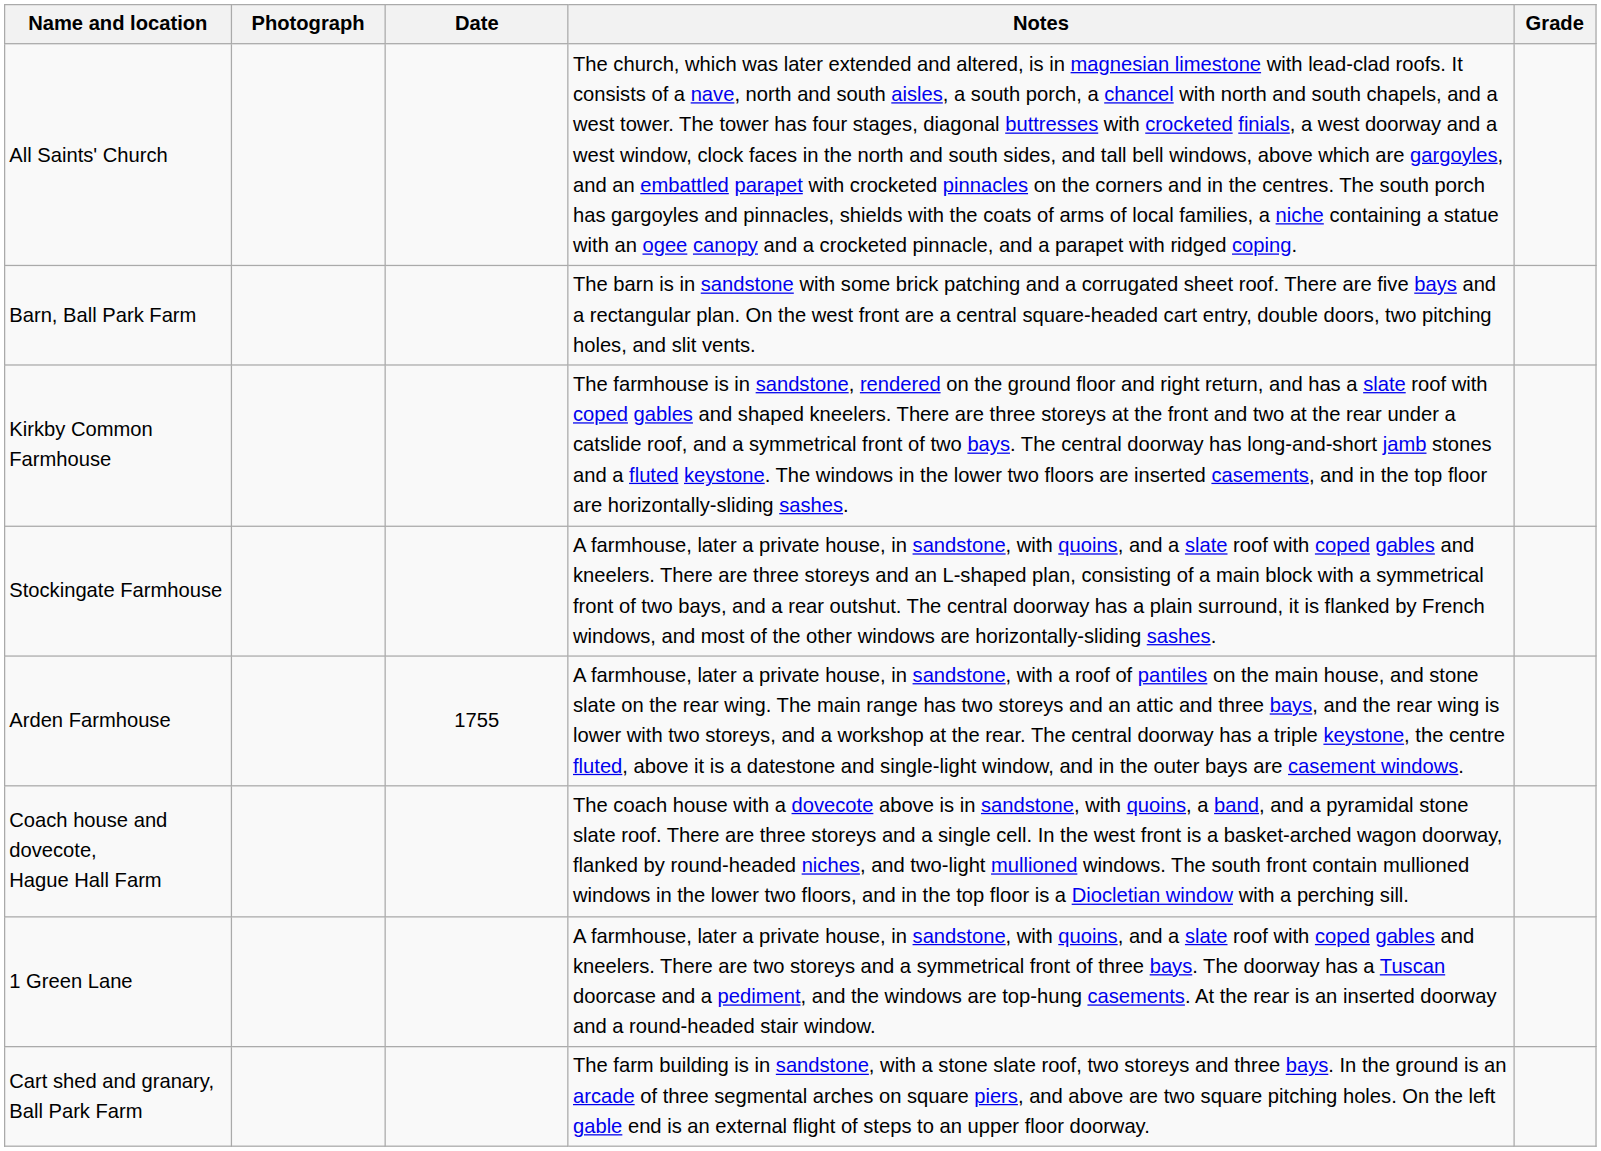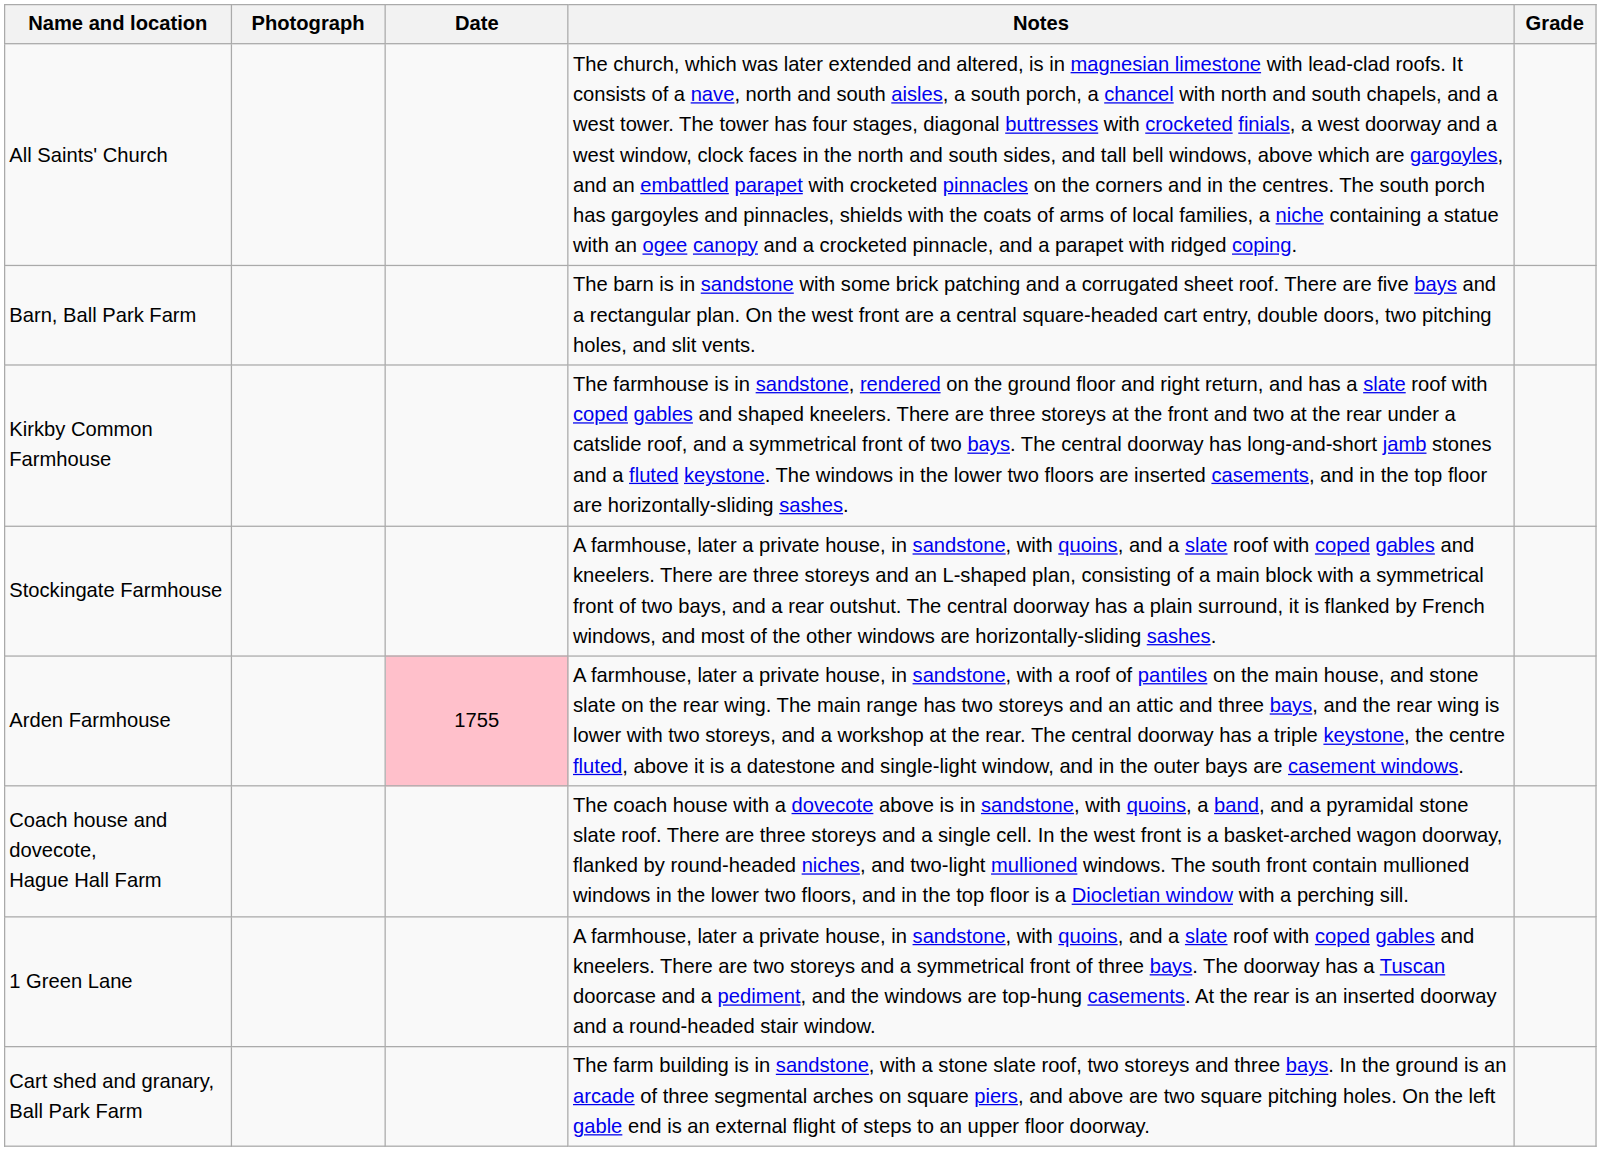 <table class="wikitable sortable plainrowheaders" style="width:100%; border:0; text-align:left; line-height:150%;">
 <tr>
 <th scope="col"  style="width:150px">Name and location</th>
 <th scope="col"  style="width:100px" class="unsortable">Photograph</th>
 <th scope="col"  style="width:120px">Date</th>
 <th scope="col"  style="width:650px" class="unsortable">Notes</th>
 <th scope="col"  style="width:50px">Grade</th>
 </tr>
 <tr>
 <td>All Saints' Church<br><small></small></td>
 <td></td>
 <td align="center"></td>
 <td>The church, which was later extended and altered, is in <a href='#'>magnesian limestone</a> with lead-clad roofs.  It consists of a <a href='#'>nave</a>, north and south <a href='#'>aisles</a>, a south porch, a <a href='#'>chancel</a> with north and south chapels, and a west tower.  The tower has four stages, diagonal <a href='#'>buttresses</a> with <a href='#'>crocketed</a> <a href='#'>finials</a>, a west doorway and a west window, clock faces in the north and south sides, and tall bell windows, above which are <a href='#'>gargoyles</a>, and an <a href='#'>embattled</a> <a href='#'>parapet</a> with crocketed <a href='#'>pinnacles</a> on the corners and in the centres.  The south porch has gargoyles and pinnacles, shields with the coats of arms of local families, a <a href='#'>niche</a> containing a statue with an <a href='#'>ogee</a> <a href='#'>canopy</a> and a crocketed pinnacle, and a parapet with ridged <a href='#'>coping</a>.</td>
 <td align="center" ></td>
 </tr>
 <tr>
 <td>Barn, Ball Park Farm<br><small></small></td>
 <td></td>
 <td align="center"></td>
 <td>The barn is in <a href='#'>sandstone</a> with some brick patching and a corrugated sheet roof.  There are five <a href='#'>bays</a> and a rectangular plan.  On the west front are a central square-headed cart entry, double doors, two pitching holes, and slit vents.</td>
 <td align="center" ></td>
 </tr>
 <tr>
 <td>Kirkby Common Farmhouse<br><small></small></td>
 <td></td>
 <td align="center"></td>
 <td>The farmhouse is in <a href='#'>sandstone</a>, <a href='#'>rendered</a> on the ground floor and right return, and has a <a href='#'>slate</a> roof with <a href='#'>coped</a> <a href='#'>gables</a> and shaped kneelers.  There are three storeys at the front and two at the rear under a catslide roof, and a symmetrical front of two <a href='#'>bays</a>.  The central doorway has long-and-short <a href='#'>jamb</a> stones and a <a href='#'>fluted</a> <a href='#'>keystone</a>.  The windows in the lower two floors are inserted <a href='#'>casements</a>, and in the top floor are horizontally-sliding <a href='#'>sashes</a>.</td>
 <td align="center" ></td>
 </tr>
 <tr>
 <td>Stockingate Farmhouse<br><small></small></td>
 <td></td>
 <td align="center"></td>
 <td>A farmhouse, later a private house, in <a href='#'>sandstone</a>, with <a href='#'>quoins</a>, and a <a href='#'>slate</a> roof with <a href='#'>coped</a> <a href='#'>gables</a> and kneelers.  There are three storeys and an L-shaped plan, consisting of a main block with a symmetrical front of two bays, and a rear outshut.  The central doorway has a plain surround, it is flanked by French windows, and most of the other windows are horizontally-sliding <a href='#'>sashes</a>.</td>
 <td align="center" ></td>
 </tr>
 <tr>
 <td>Arden Farmhouse<br><small></small></td>
 <td></td>
-<td align="center">1755</td>
+<td align="center" style="background: pink;">1755</td>
 <td>A farmhouse, later a private house, in <a href='#'>sandstone</a>, with a roof of <a href='#'>pantiles</a> on the main house, and stone slate on the rear wing.  The main range has two storeys and an attic and three <a href='#'>bays</a>, and the rear wing is lower with two storeys, and a workshop at the rear.  The central doorway has a triple <a href='#'>keystone</a>, the centre <a href='#'>fluted</a>, above it is a datestone and single-light window, and in the outer bays are <a href='#'>casement windows</a>.</td>
 <td align="center" ></td>
 </tr>
 <tr>
 <td>Coach house and dovecote,<br>Hague Hall Farm<br><small></small></td>
 <td></td>
 <td align="center"></td>
 <td>The coach house with a <a href='#'>dovecote</a> above is in <a href='#'>sandstone</a>, with <a href='#'>quoins</a>, a <a href='#'>band</a>, and a pyramidal stone slate roof.  There are three storeys and a single cell.  In the west front is a basket-arched wagon doorway, flanked by round-headed <a href='#'>niches</a>, and two-light <a href='#'>mullioned</a> windows.  The south front contain mullioned windows in the lower two floors, and in the top floor is a <a href='#'>Diocletian window</a> with a perching sill.</td>
 <td align="center" ></td>
 </tr>
 <tr>
 <td>1 Green Lane<br><small></small></td>
 <td></td>
 <td align="center"></td>
 <td>A farmhouse, later a private house, in <a href='#'>sandstone</a>, with <a href='#'>quoins</a>, and a <a href='#'>slate</a> roof with <a href='#'>coped</a> <a href='#'>gables</a> and kneelers.  There are two storeys and a symmetrical front of three <a href='#'>bays</a>.  The doorway has a <a href='#'>Tuscan</a> doorcase and a <a href='#'>pediment</a>, and the windows are top-hung <a href='#'>casements</a>.  At the rear is an inserted doorway and a round-headed stair window.</td>
 <td align="center" ></td>
 </tr>
 <tr>
 <td>Cart shed and granary,<br>Ball Park Farm<br><small></small></td>
 <td></td>
 <td align="center"></td>
 <td>The farm building is in <a href='#'>sandstone</a>, with a stone slate roof, two storeys and three <a href='#'>bays</a>.  In the ground is an <a href='#'>arcade</a> of three segmental arches on square <a href='#'>piers</a>, and above are two square pitching holes.  On the left <a href='#'>gable</a> end is an external flight of steps to an upper floor doorway.</td>
 <td align="center" ></td>
 </tr>
 <tr>
 </tr>
 </table>
